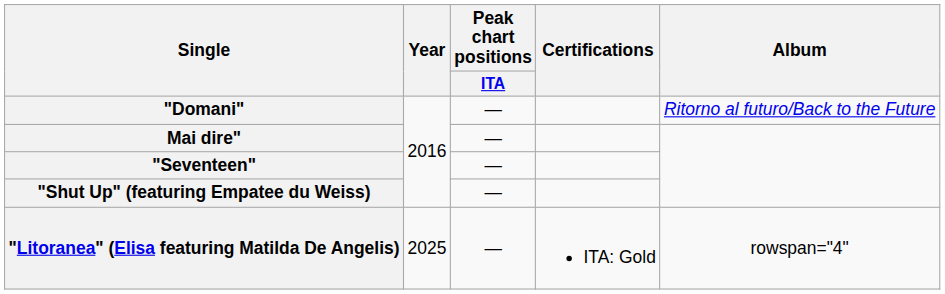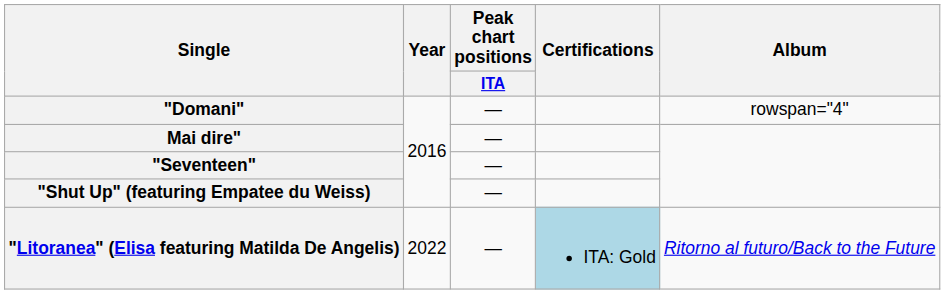 <table class="wikitable plainrowheaders" style="text-align:center;">
 <tr>
 <th scope="col" rowspan="2">Single</th>
 <th scope="col" rowspan="2">Year</th>
 <th scope="col" colspan="1">Peak chart positions</th>
 <th scope="col" rowspan="2">Certifications</th>
 <th scope="col" rowspan="2">Album</th>
 </tr>
 <tr>
 <th scope="col" style="width:3em;font-size:90%;"><a href='#'>ITA</a></th>
 </tr>
 <tr>
 <th scope="row">"Domani"</th>
 <td rowspan="4">2016</td>
 <td>—</td>
 <td></td>
-<td><em><a href='#'>Ritorno al futuro/Back to the Future</a></em></td>
+<td>rowspan="4" </td>
 </tr>
 <tr>
 <th scope="row">Mai dire"</th>
 <td>—</td>
 <td></td>
 </tr>
 <tr>
 <th scope="row">"Seventeen"</th>
 <td>—</td>
 <td></td>
 </tr>
 <tr>
 <th scope="row">"Shut Up" (featuring Empatee du Weiss)</th>
 <td>—</td>
 <td></td>
 </tr>
 <tr>
 <th scope="row">"<a href='#'>Litoranea</a>" (<a href='#'>Elisa</a> featuring Matilda De Angelis)</th>
-<td>2025</td>
+<td>2022</td>
 <td>—</td>
-<td><br><ul><li>ITA: Gold</li></ul></td>
-<td>rowspan="4" </td>
+<td style="background: lightblue;"><br><ul><li>ITA: Gold</li></ul></td>
+<td><em><a href='#'>Ritorno al futuro/Back to the Future</a></em></td>
 </tr>
 </table>
